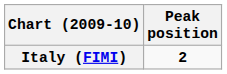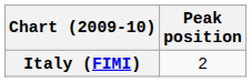 <table class="wikitable plainrowheaders" style="text-align:center">
 <tr>
 <th scope="col">Chart (2009-10)</th>
 <th scope="col">Peak<br>position</th>
 </tr>
 <tr>
 <th scope="row">Italy (<a href='#'>FIMI</a>)</th>
-<td style="text-align:center"><strong>2</strong></td>
+<td style="text-align:center">2</td>
 </tr>
 </table>
